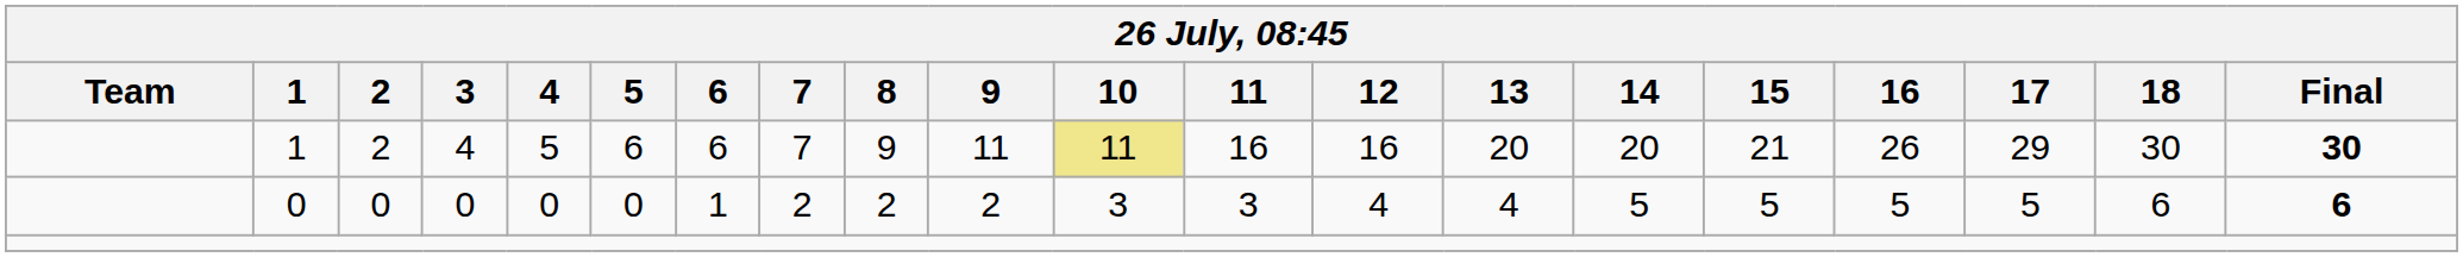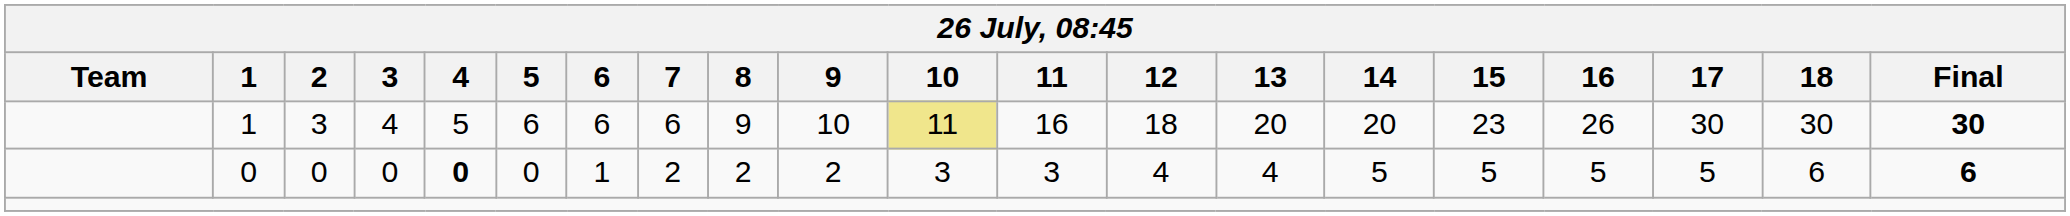 <table class=wikitable style="text-align:center; width: 55%">
 <tr>
 <th colspan=20><em>26 July, 08:45</em></th>
 </tr>
 <tr>
 <th>Team</th>
 <th>1</th>
 <th>2</th>
 <th>3</th>
 <th>4</th>
 <th>5</th>
 <th>6</th>
 <th>7</th>
 <th>8</th>
 <th>9</th>
 <th>10</th>
 <th>11</th>
 <th>12</th>
 <th>13</th>
 <th>14</th>
 <th>15</th>
 <th>16</th>
 <th>17</th>
 <th>18</th>
 <th>Final</th>
 </tr>
 <tr>
 <td align=left><strong></strong></td>
 <td>1</td>
-<td>2</td>
+<td>3</td>
 <td>4</td>
 <td>5</td>
 <td>6</td>
 <td>6</td>
-<td>7</td>
+<td>6</td>
 <td>9</td>
-<td>11</td>
+<td>10</td>
 <td style="background: khaki;">11</td>
 <td>16</td>
-<td>16</td>
+<td>18</td>
 <td>20</td>
 <td>20</td>
-<td>21</td>
+<td>23</td>
 <td>26</td>
-<td>29</td>
+<td>30</td>
 <td>30</td>
 <td><strong>30</strong></td>
 </tr>
 <tr>
 <td align=left></td>
 <td>0</td>
 <td>0</td>
 <td>0</td>
-<td>0</td>
+<td><strong>0</strong></td>
 <td>0</td>
 <td>1</td>
 <td>2</td>
 <td>2</td>
 <td>2</td>
 <td>3</td>
 <td>3</td>
 <td>4</td>
 <td>4</td>
 <td>5</td>
 <td>5</td>
 <td>5</td>
 <td>5</td>
 <td>6</td>
 <td><strong>6</strong></td>
 </tr>
 <tr>
 <td colspan=20></td>
 </tr>
 </table>
